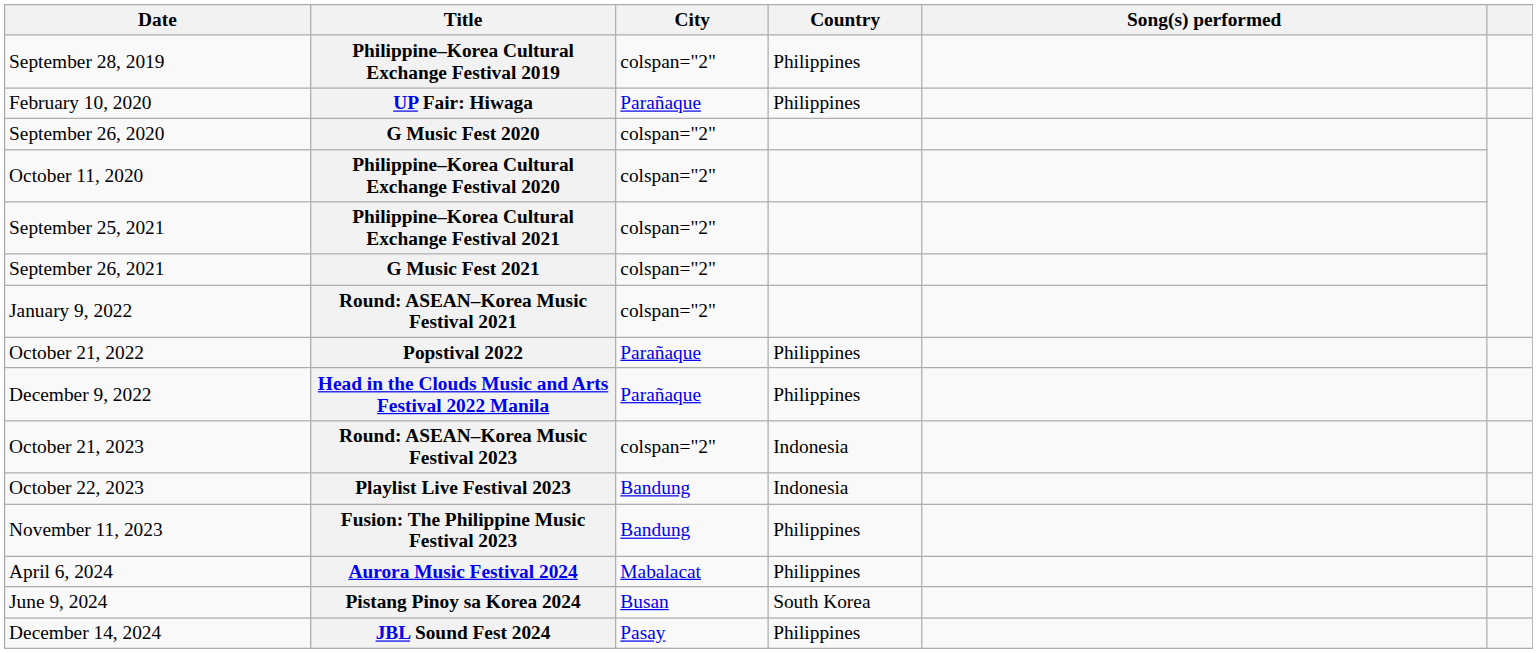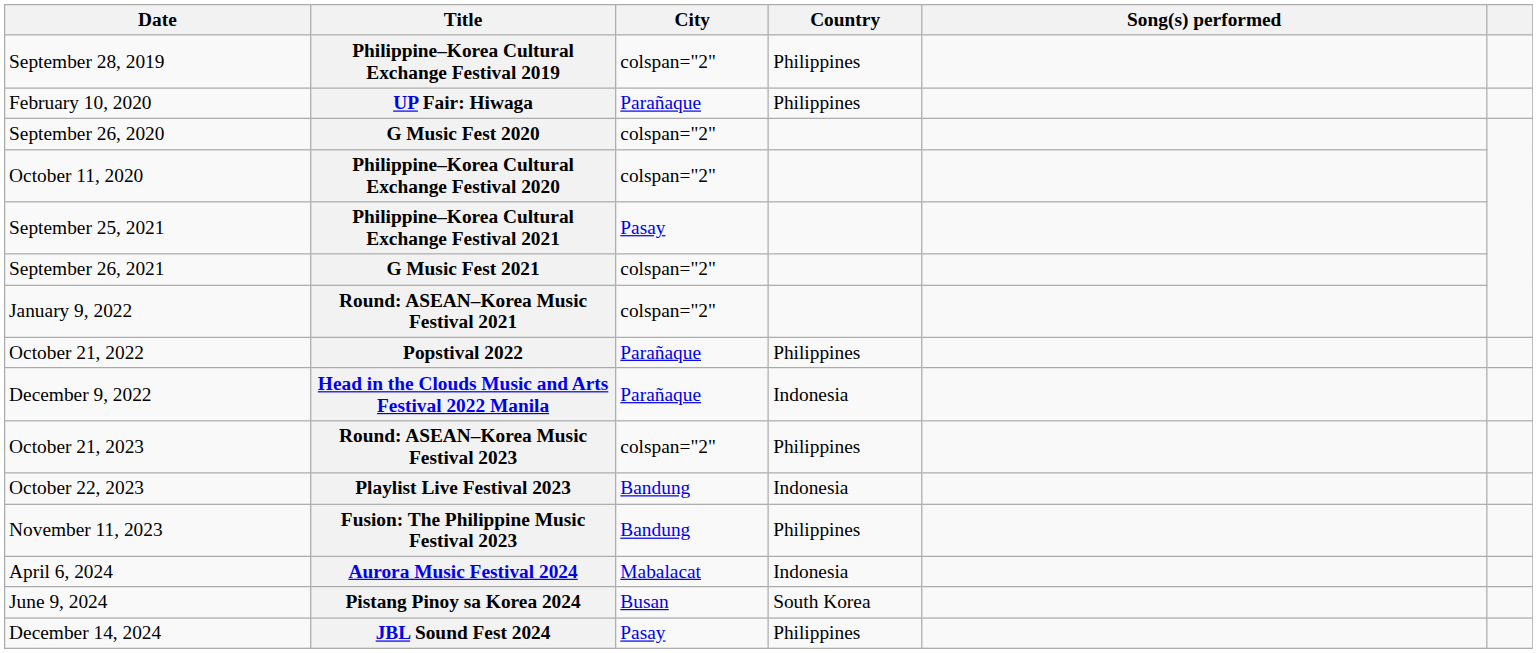 <table class="wikitable sortable plainrowheaders" width=100%>
 <tr>
 <th scope="col" width="20%">Date</th>
 <th scope="col" width="20%">Title</th>
 <th scope="col" width="10%">City</th>
 <th scope="col" width="10%">Country</th>
 <th scope="col" width="37%">Song(s) performed</th>
 <th scope="col" width="3%" class="unsortable"></th>
 </tr>
 <tr>
 <td>September 28, 2019</td>
 <th scope="row">Philippine–Korea Cultural Exchange Festival 2019</th>
 <td>colspan="2" </td>
 <td>Philippines</td>
 <td></td>
 <td style="text-align:center;"></td>
 </tr>
 <tr>
 <td>February 10, 2020</td>
 <th scope="row"><a href='#'>UP</a> Fair: Hiwaga</th>
 <td><a href='#'>Parañaque</a></td>
 <td>Philippines</td>
 <td></td>
 <td style="text-align:center;"></td>
 </tr>
 <tr>
 <td>September 26, 2020</td>
 <th scope="row">G Music Fest 2020</th>
 <td>colspan="2" </td>
 <td></td>
 <td style="text-align:center;"></td>
 </tr>
 <tr>
 <td>October 11, 2020</td>
 <th scope="row">Philippine–Korea Cultural Exchange Festival 2020</th>
 <td>colspan="2" </td>
 <td></td>
 <td style="text-align:center;"></td>
 </tr>
 <tr>
 <td>September 25, 2021</td>
 <th scope="row">Philippine–Korea Cultural Exchange Festival 2021</th>
-<td>colspan="2" </td>
+<td><a href='#'>Pasay</a></td>
 <td></td>
 <td style="text-align:center;"></td>
 </tr>
 <tr>
 <td>September 26, 2021</td>
 <th scope="row">G Music Fest 2021</th>
 <td>colspan="2" </td>
 <td></td>
 <td style="text-align:center;"></td>
 </tr>
 <tr>
 <td>January 9, 2022</td>
 <th scope="row">Round: ASEAN–Korea Music Festival 2021</th>
 <td>colspan="2" </td>
 <td></td>
 <td style="text-align:center;"></td>
 </tr>
 <tr>
 <td>October 21, 2022</td>
 <th scope="row">Popstival 2022</th>
 <td><a href='#'>Parañaque</a></td>
 <td>Philippines</td>
 <td></td>
 <td style="text-align:center;"></td>
 </tr>
 <tr>
 <td>December 9, 2022</td>
 <th scope="row"><a href='#'>Head in the Clouds Music and Arts Festival 2022 Manila</a></th>
 <td><a href='#'>Parañaque</a></td>
-<td>Philippines</td>
+<td>Indonesia</td>
 <td></td>
 <td style="text-align:center;"></td>
 </tr>
 <tr>
 <td>October 21, 2023</td>
 <th scope="row">Round: ASEAN–Korea Music Festival 2023</th>
 <td>colspan="2" </td>
-<td>Indonesia</td>
+<td>Philippines</td>
 <td></td>
 <td style="text-align:center;"></td>
 </tr>
 <tr>
 <td>October 22, 2023</td>
 <th scope="row">Playlist Live Festival 2023</th>
 <td><a href='#'>Bandung</a></td>
 <td>Indonesia</td>
 <td></td>
 <td style="text-align:center;"></td>
 </tr>
 <tr>
 <td>November 11, 2023</td>
 <th scope="row">Fusion: The Philippine Music Festival 2023</th>
 <td><a href='#'>Bandung</a></td>
 <td>Philippines</td>
 <td></td>
 <td style="text-align:center;"></td>
 </tr>
 <tr>
 <td>April 6, 2024</td>
 <th scope="row"><a href='#'>Aurora Music Festival 2024</a></th>
 <td><a href='#'>Mabalacat</a></td>
-<td>Philippines</td>
+<td>Indonesia</td>
 <td></td>
 <td style="text-align:center;"></td>
 </tr>
 <tr>
 <td>June 9, 2024</td>
 <th scope="row">Pistang Pinoy sa Korea 2024</th>
 <td><a href='#'>Busan</a></td>
 <td>South Korea</td>
 <td></td>
 <td style="text-align:center;"></td>
 </tr>
 <tr>
 <td>December 14, 2024</td>
 <th scope="row"><a href='#'>JBL</a> Sound Fest 2024</th>
 <td><a href='#'>Pasay</a></td>
 <td>Philippines</td>
 <td></td>
 <td style="text-align:center;"></td>
 </tr>
 </table>
